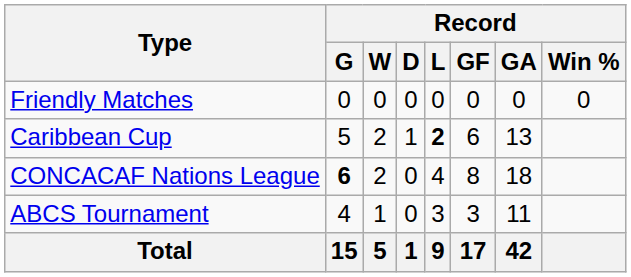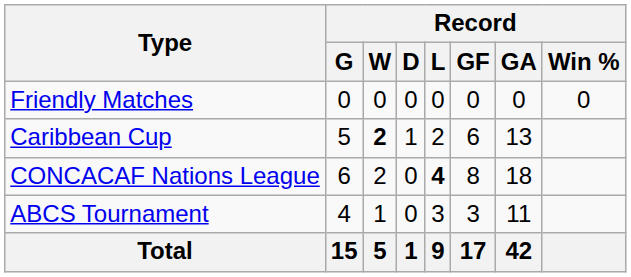 <table class="wikitable" style="text-align: center">
 <tr>
 <th rowspan="2">Type</th>
 <th colspan="8">Record</th>
 </tr>
 <tr>
 <th>G</th>
 <th>W</th>
 <th>D</th>
 <th>L</th>
 <th>GF</th>
 <th>GA</th>
 <th>Win %</th>
 </tr>
 <tr>
 <td align=left><a href='#'>Friendly Matches</a></td>
 <td>0</td>
 <td>0</td>
 <td>0</td>
 <td>0</td>
 <td>0</td>
 <td>0</td>
 <td>0</td>
 </tr>
 <tr>
 <td align=left><a href='#'>Caribbean Cup</a></td>
 <td>5</td>
+<td><strong>2</strong></td>
+<td>1</td>
 <td>2</td>
-<td>1</td>
-<td><strong>2</strong></td>
 <td>6</td>
 <td>13</td>
 <td></td>
 </tr>
 <tr>
 <td align=left><a href='#'>CONCACAF Nations League</a></td>
-<td><strong>6</strong></td>
+<td>6</td>
 <td>2</td>
 <td>0</td>
-<td>4</td>
+<td><strong>4</strong></td>
 <td>8</td>
 <td>18</td>
 <td></td>
 </tr>
 <tr>
 <td align=left><a href='#'>ABCS Tournament</a></td>
 <td>4</td>
 <td>1</td>
 <td>0</td>
 <td>3</td>
 <td>3</td>
 <td>11</td>
 <td></td>
 </tr>
 <tr>
 <th align=center colspan="1">Total</th>
 <th>15</th>
 <th>5</th>
 <th>1</th>
 <th>9</th>
 <th>17</th>
 <th>42</th>
 <th></th>
 </tr>
 </table>
